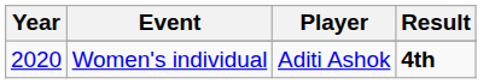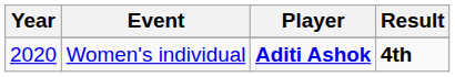 <table class="wikitable">
 <tr>
 <th>Year</th>
 <th>Event</th>
 <th>Player</th>
 <th>Result</th>
 </tr>
 <tr>
 <td rowspan = "2"><a href='#'>2020</a></td>
 </tr>
 <tr>
 <td><a href='#'>Women's individual</a></td>
-<td><a href='#'>Aditi Ashok</a></td>
+<td><strong><a href='#'>Aditi Ashok</a></strong></td>
 <td><strong>4th</strong></td>
 </tr>
 </table>
